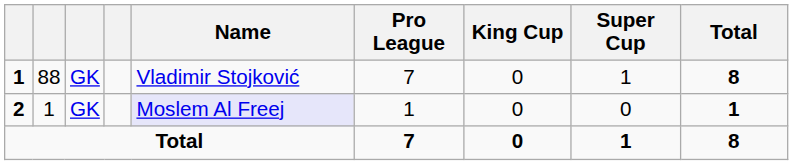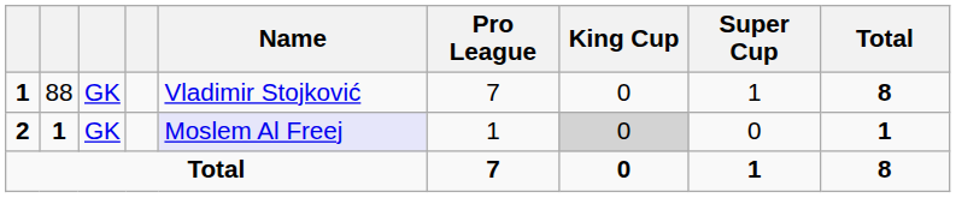 <table class="wikitable" style="text-align:center">
 <tr>
 <th width=15></th>
 <th width=15></th>
 <th width=15></th>
 <th width=15></th>
 <th width=175>Name</th>
 <th width=80>Pro League</th>
 <th width=80>King Cup</th>
 <th width=80>Super Cup</th>
 <th width=80>Total</th>
 </tr>
 <tr>
 <td><strong>1</strong></td>
 <td>88</td>
 <td><a href='#'>GK</a></td>
 <td></td>
 <td align=left><a href='#'>Vladimir Stojković</a></td>
 <td>7</td>
 <td>0</td>
 <td>1</td>
 <td><strong>8</strong></td>
 </tr>
 <tr>
 <td><strong>2</strong></td>
-<td>1</td>
+<td><strong>1</strong></td>
 <td><a href='#'>GK</a></td>
 <td></td>
 <td align=left style="background: lavender;"><a href='#'>Moslem Al Freej</a></td>
 <td>1</td>
-<td>0</td>
+<td style="background: lightgrey;">0</td>
 <td>0</td>
 <td><strong>1</strong></td>
 </tr>
 <tr>
 <td colspan=5><strong>Total</strong></td>
 <td><strong>7</strong></td>
 <td><strong>0</strong></td>
 <td><strong>1</strong></td>
 <td><strong>8</strong></td>
 </tr>
 </table>
